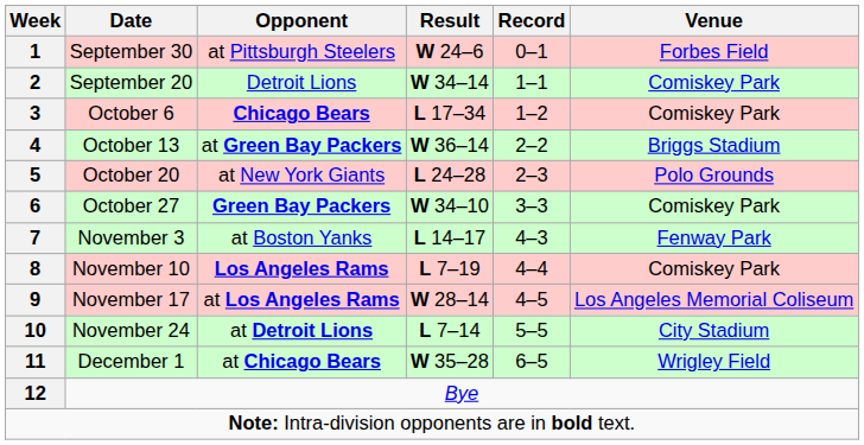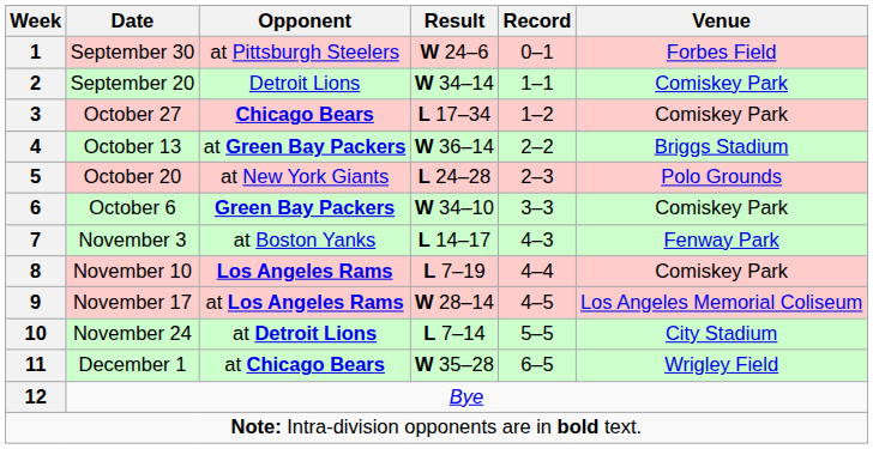 <table class="wikitable" style="text-align:center">
 <tr>
 <th>Week</th>
 <th>Date</th>
 <th>Opponent</th>
 <th>Result</th>
 <th>Record</th>
 <th>Venue</th>
 </tr>
 <tr style="background:#fcc">
 <th>1</th>
 <td>September 30</td>
 <td>at <a href='#'>Pittsburgh Steelers</a></td>
 <td><strong>W</strong> 24–6</td>
 <td>0–1</td>
 <td><a href='#'>Forbes Field</a></td>
 </tr>
 <tr style="background:#cfc">
 <th>2</th>
 <td>September 20</td>
 <td><a href='#'>Detroit Lions</a></td>
 <td><strong>W</strong> 34–14</td>
 <td>1–1</td>
 <td><a href='#'>Comiskey Park</a></td>
 </tr>
 <tr style="background:#fcc">
 <th>3</th>
-<td>October 6</td>
+<td>October 27</td>
 <td><strong><a href='#'>Chicago Bears</a></strong></td>
 <td><strong>L</strong> 17–34</td>
 <td>1–2</td>
 <td>Comiskey Park</td>
 </tr>
 <tr style="background:#cfc">
 <th>4</th>
 <td>October 13</td>
 <td>at <strong><a href='#'>Green Bay Packers</a></strong></td>
 <td><strong>W</strong> 36–14</td>
 <td>2–2</td>
 <td><a href='#'>Briggs Stadium</a></td>
 </tr>
 <tr style="background:#fcc">
 <th>5</th>
 <td>October 20</td>
 <td>at <a href='#'>New York Giants</a></td>
 <td><strong>L</strong> 24–28</td>
 <td>2–3</td>
 <td><a href='#'>Polo Grounds</a></td>
 </tr>
 <tr style="background:#cfc">
 <th>6</th>
-<td>October 27</td>
+<td>October 6</td>
 <td><strong><a href='#'>Green Bay Packers</a></strong></td>
 <td><strong>W</strong> 34–10</td>
 <td>3–3</td>
 <td>Comiskey Park</td>
 </tr>
 <tr style="background:#cfc">
 <th>7</th>
 <td>November 3</td>
 <td>at <a href='#'>Boston Yanks</a></td>
 <td><strong>L</strong> 14–17</td>
 <td>4–3</td>
 <td><a href='#'>Fenway Park</a></td>
 </tr>
 <tr style="background:#fcc">
 <th>8</th>
 <td>November 10</td>
 <td><strong><a href='#'>Los Angeles Rams</a></strong></td>
 <td><strong>L</strong> 7–19</td>
 <td>4–4</td>
 <td>Comiskey Park</td>
 </tr>
 <tr style="background:#fcc">
 <th>9</th>
 <td>November 17</td>
 <td>at <strong><a href='#'>Los Angeles Rams</a></strong></td>
 <td><strong>W</strong> 28–14</td>
 <td>4–5</td>
 <td><a href='#'>Los Angeles Memorial Coliseum</a></td>
 </tr>
 <tr style="background:#cfc">
 <th>10</th>
 <td>November 24</td>
 <td>at <strong><a href='#'>Detroit Lions</a></strong></td>
 <td><strong>L</strong> 7–14</td>
 <td>5–5</td>
 <td><a href='#'>City Stadium</a></td>
 </tr>
 <tr style="background:#cfc">
 <th>11</th>
 <td>December 1</td>
 <td>at <strong><a href='#'>Chicago Bears</a></strong></td>
 <td><strong>W</strong> 35–28</td>
 <td>6–5</td>
 <td><a href='#'>Wrigley Field</a></td>
 </tr>
 <tr>
 <th>12</th>
 <td colspan="6"><em><a href='#'>Bye</a></em></td>
 </tr>
 <tr>
 <td colspan="8"><strong>Note:</strong> Intra-division opponents are in <strong>bold</strong> text.</td>
 </tr>
 </table>
